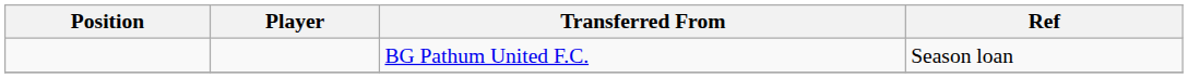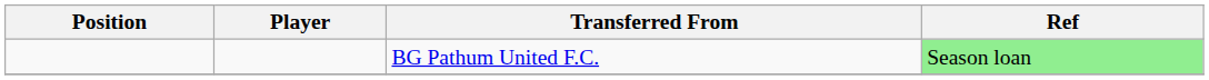 <table class="wikitable sortable" style="width:70%; text-align:center; font-size:100%; text-align:left;">
 <tr>
 <th><strong>Position</strong></th>
 <th><strong>Player</strong></th>
 <th><strong>Transferred From</strong></th>
 <th><strong>Ref</strong></th>
 </tr>
 <tr>
 <td></td>
 <td></td>
 <td> <a href='#'>BG Pathum United F.C.</a></td>
-<td>Season loan </td>
+<td style="background: lightgreen;">Season loan </td>
 </tr>
 <tr>
 </tr>
 </table>
